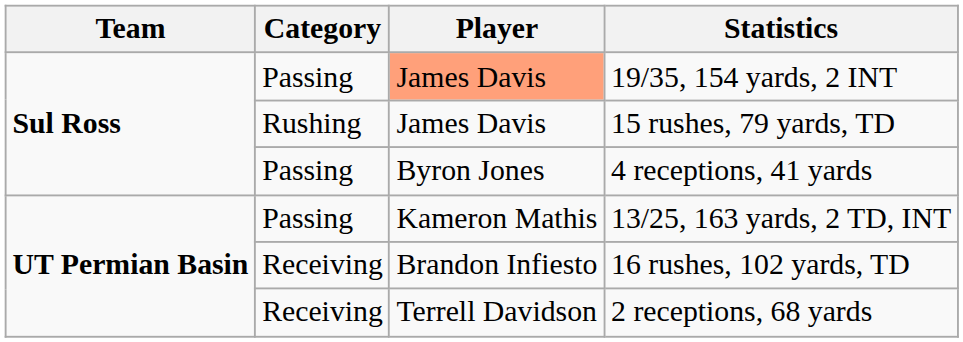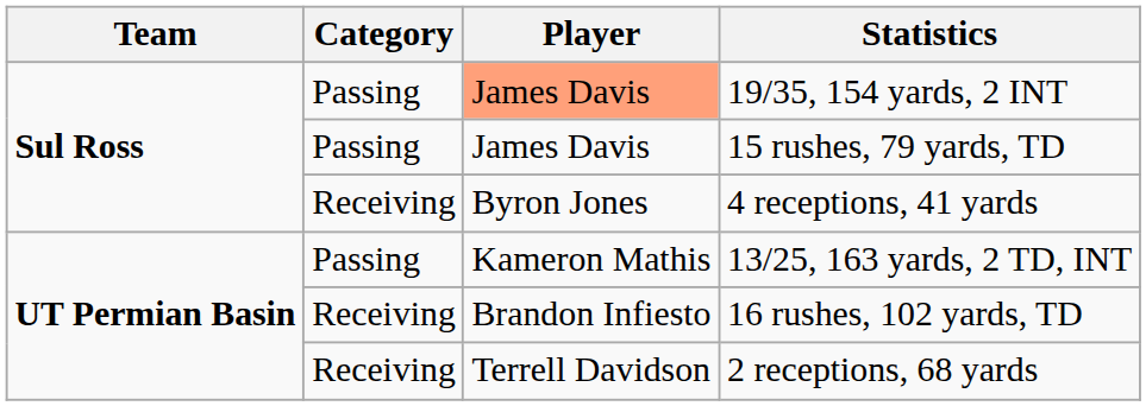 <table class="wikitable" style="float: right;">
 <tr>
 <th>Team</th>
 <th>Category</th>
 <th>Player</th>
 <th>Statistics</th>
 </tr>
 <tr>
 <td rowspan=3><strong>Sul Ross</strong></td>
 <td>Passing</td>
 <td style="background: lightsalmon;">James Davis</td>
 <td>19/35, 154 yards, 2 INT</td>
 </tr>
 <tr>
-<td>Rushing</td>
+<td>Passing</td>
 <td>James Davis</td>
 <td>15 rushes, 79 yards, TD</td>
 </tr>
 <tr>
-<td>Passing</td>
+<td>Receiving</td>
 <td>Byron Jones</td>
 <td>4 receptions, 41 yards</td>
 </tr>
 <tr>
 <td rowspan=3><strong>UT Permian Basin</strong></td>
 <td>Passing</td>
 <td>Kameron Mathis</td>
 <td>13/25, 163 yards, 2 TD, INT</td>
 </tr>
 <tr>
 <td>Receiving</td>
 <td>Brandon Infiesto</td>
 <td>16 rushes, 102 yards, TD</td>
 </tr>
 <tr>
 <td>Receiving</td>
 <td>Terrell Davidson</td>
 <td>2 receptions, 68 yards</td>
 </tr>
 </table>
